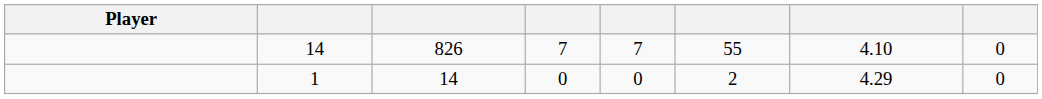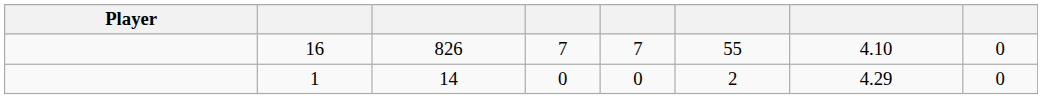 <table class="wikitable sortable" style="width:100%;">
 <tr style="text-align:center; background:#ddd;">
 <th>Player</th>
 <th></th>
 <th></th>
 <th></th>
 <th></th>
 <th></th>
 <th></th>
 <th></th>
 </tr>
 <tr align=center>
 <td></td>
-<td>14</td>
+<td>16</td>
 <td>826</td>
 <td>7</td>
 <td>7</td>
 <td>55</td>
 <td>4.10</td>
 <td>0</td>
 </tr>
 <tr align=center>
 <td></td>
 <td>1</td>
 <td>14</td>
 <td>0</td>
 <td>0</td>
 <td>2</td>
 <td>4.29</td>
 <td>0</td>
 </tr>
 </table>
